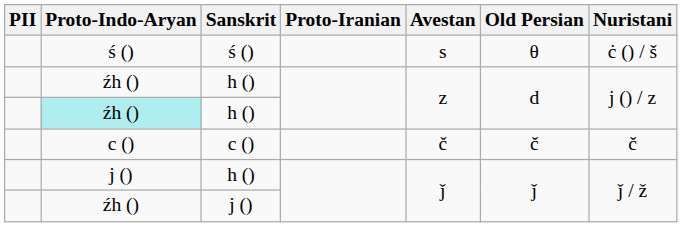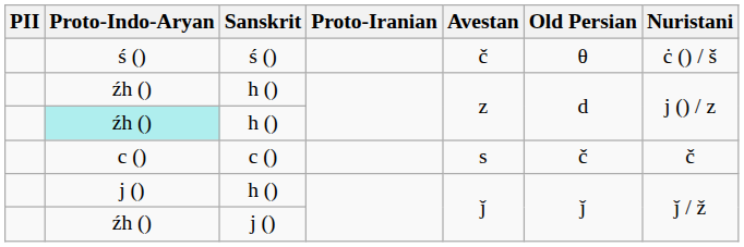 <table class="wikitable" style="text-align: center; vertical-align: center;">
 <tr>
 <th>PII</th>
 <th>Proto-Indo-Aryan</th>
 <th>Sanskrit</th>
 <th>Proto-Iranian</th>
 <th>Avestan</th>
 <th>Old Persian</th>
 <th>Nuristani</th>
 </tr>
 <tr>
 <td></td>
 <td>ś ()</td>
 <td>ś ()</td>
 <td></td>
-<td>s</td>
+<td>č</td>
 <td>θ</td>
 <td>ċ () / š</td>
 </tr>
 <tr>
 <td></td>
 <td>źh ()</td>
 <td>h ()</td>
 <td rowspan="2"></td>
 <td rowspan="2">z</td>
 <td rowspan="2">d</td>
 <td rowspan="2">j () / z</td>
 </tr>
 <tr>
 <td></td>
 <td style="background: paleturquoise;">źh ()</td>
 <td>h ()</td>
 </tr>
 <tr>
 <td></td>
 <td>c ()</td>
 <td>c ()</td>
 <td></td>
-<td>č</td>
+<td>s</td>
 <td>č</td>
 <td>č</td>
 </tr>
 <tr>
 <td></td>
 <td>j ()</td>
 <td>h ()</td>
 <td rowspan="2"></td>
 <td rowspan="2">ǰ</td>
 <td rowspan="2">ǰ</td>
 <td rowspan="2">ǰ / ž</td>
 </tr>
 <tr>
 <td></td>
 <td>źh ()</td>
 <td>j ()</td>
 </tr>
 </table>
